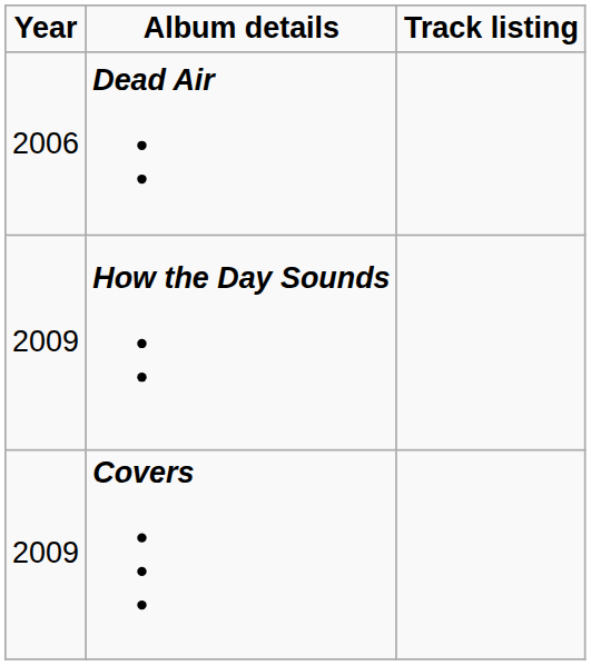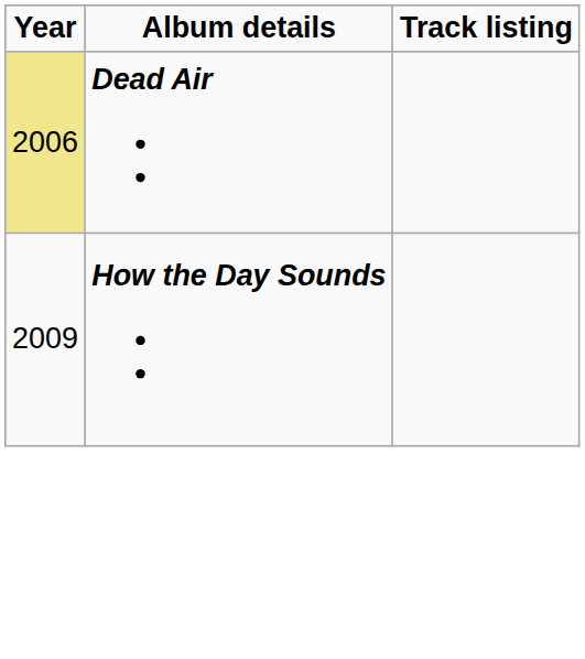 <table class="wikitable" style="text-align:center;">
 <tr>
 <td><strong>Year</strong></td>
 <td><strong>Album details</strong></td>
 <td><strong>Track listing</strong></td>
 </tr>
 <tr>
-<td>2006</td>
+<td style="background: khaki;">2006</td>
 <td align="left"><strong><em>Dead Air</em></strong><br><ul><li></li><li></li></ul></td>
 <td align="left"><br><br> <br> <br> <br> </td>
 </tr>
 <tr>
 <td>2009</td>
 <td align="left"><strong><em>How the Day Sounds</em></strong><br><ul><li></li><li></li></ul></td>
 <td align="left"><br><br> <br> <br> <br> <br> </td>
 </tr>
-<tr>
-<td>2009</td>
-<td align="left"><strong><em>Covers</em></strong><br><ul><li></li><li></li><li></li></ul></td>
-<td align="left"><br><br> <br> <br> <br> </td>
-</tr>
 </table>
